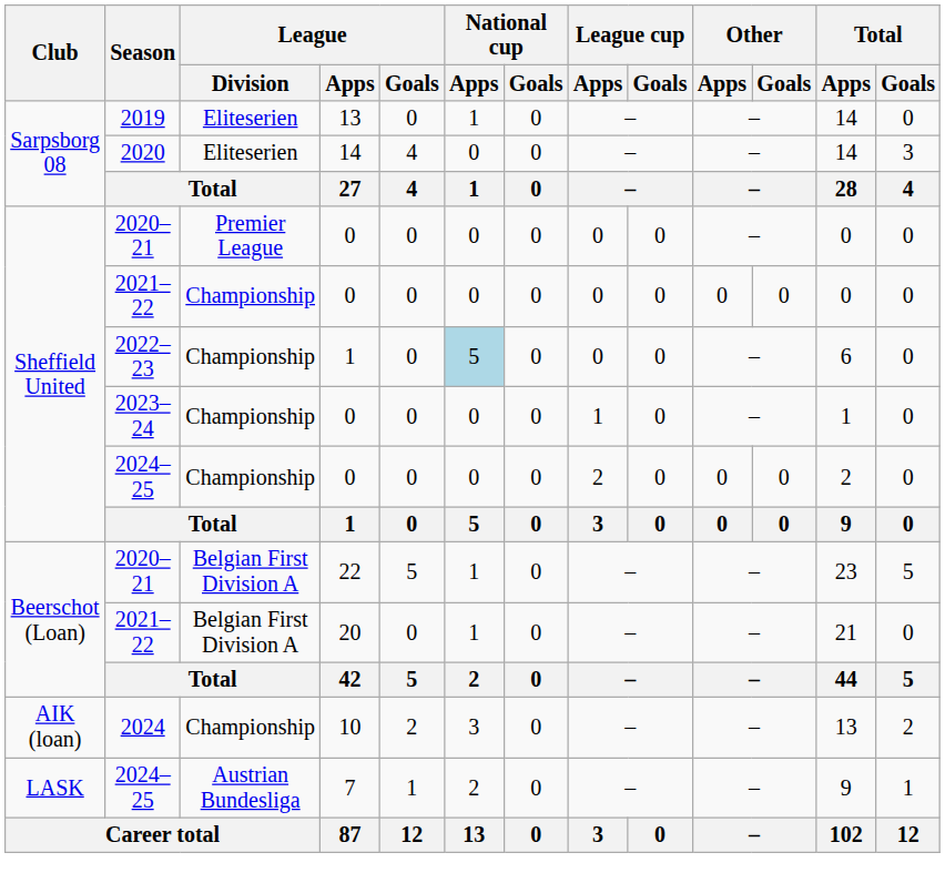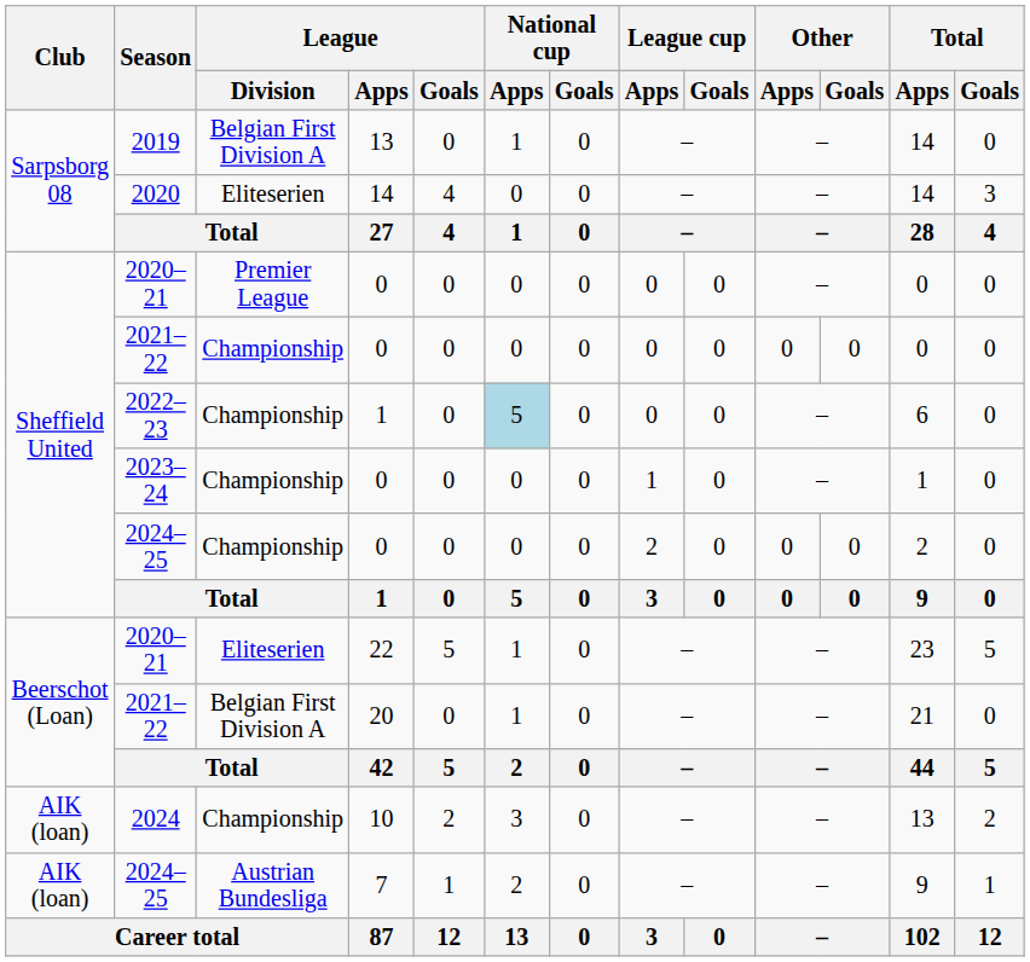 <table class="wikitable" style="text-align: center">
 <tr>
 <th rowspan="2">Club</th>
 <th rowspan="2">Season</th>
 <th colspan="3">League</th>
 <th colspan="2">National cup</th>
 <th colspan="2">League cup</th>
 <th colspan="2">Other</th>
 <th colspan="2">Total</th>
 </tr>
 <tr>
 <th>Division</th>
 <th>Apps</th>
 <th>Goals</th>
 <th>Apps</th>
 <th>Goals</th>
 <th>Apps</th>
 <th>Goals</th>
 <th>Apps</th>
 <th>Goals</th>
 <th>Apps</th>
 <th>Goals</th>
 </tr>
 <tr>
 <td rowspan="3"><a href='#'>Sarpsborg 08</a></td>
 <td><a href='#'>2019</a></td>
-<td><a href='#'>Eliteserien</a></td>
+<td><a href='#'>Belgian First Division A</a></td>
 <td>13</td>
 <td>0</td>
 <td>1</td>
 <td>0</td>
 <td colspan="2">–</td>
 <td colspan="2">–</td>
 <td>14</td>
 <td>0</td>
 </tr>
 <tr>
 <td><a href='#'>2020</a></td>
 <td>Eliteserien</td>
 <td>14</td>
 <td>4</td>
 <td>0</td>
 <td>0</td>
 <td colspan="2">–</td>
 <td colspan="2">–</td>
 <td>14</td>
 <td>3</td>
 </tr>
 <tr>
 <th colspan=2>Total</th>
 <th>27</th>
 <th>4</th>
 <th>1</th>
 <th>0</th>
 <th colspan="2">–</th>
 <th colspan="2">–</th>
 <th>28</th>
 <th>4</th>
 </tr>
 <tr>
 <td rowspan="6"><a href='#'>Sheffield United</a></td>
 <td><a href='#'>2020–21</a></td>
 <td><a href='#'>Premier League</a></td>
 <td>0</td>
 <td>0</td>
 <td>0</td>
 <td>0</td>
 <td>0</td>
 <td>0</td>
 <td colspan="2">–</td>
 <td>0</td>
 <td>0</td>
 </tr>
 <tr>
 <td><a href='#'>2021–22</a></td>
 <td><a href='#'>Championship</a></td>
 <td>0</td>
 <td>0</td>
 <td>0</td>
 <td>0</td>
 <td>0</td>
 <td>0</td>
 <td>0</td>
 <td>0</td>
 <td>0</td>
 <td>0</td>
 </tr>
 <tr>
 <td><a href='#'>2022–23</a></td>
 <td>Championship</td>
 <td>1</td>
 <td>0</td>
 <td style="background: lightblue;">5</td>
 <td>0</td>
 <td>0</td>
 <td>0</td>
 <td colspan="2">–</td>
 <td>6</td>
 <td>0</td>
 </tr>
 <tr>
 <td><a href='#'>2023–24</a></td>
 <td>Championship</td>
 <td>0</td>
 <td>0</td>
 <td>0</td>
 <td>0</td>
 <td>1</td>
 <td>0</td>
 <td colspan="2">–</td>
 <td>1</td>
 <td>0</td>
 </tr>
 <tr>
 <td><a href='#'>2024–25</a></td>
 <td>Championship</td>
 <td>0</td>
 <td>0</td>
 <td>0</td>
 <td>0</td>
 <td>2</td>
 <td>0</td>
 <td>0</td>
 <td>0</td>
 <td>2</td>
 <td>0</td>
 </tr>
 <tr>
 <th colspan="2">Total</th>
 <th>1</th>
 <th>0</th>
 <th>5</th>
 <th>0</th>
 <th>3</th>
 <th>0</th>
 <th>0</th>
 <th>0</th>
 <th>9</th>
 <th>0</th>
 </tr>
 <tr>
 <td rowspan="3"><a href='#'>Beerschot</a> (Loan)</td>
 <td><a href='#'>2020–21</a></td>
-<td><a href='#'>Belgian First Division A</a></td>
+<td><a href='#'>Eliteserien</a></td>
 <td>22</td>
 <td>5</td>
 <td>1</td>
 <td>0</td>
 <td colspan="2">–</td>
 <td colspan="2">–</td>
 <td>23</td>
 <td>5</td>
 </tr>
 <tr>
 <td><a href='#'>2021–22</a></td>
 <td>Belgian First Division A</td>
 <td>20</td>
 <td>0</td>
 <td>1</td>
 <td>0</td>
 <td colspan="2">–</td>
 <td colspan="2">–</td>
 <td>21</td>
 <td>0</td>
 </tr>
 <tr>
 <th colspan=2>Total</th>
 <th>42</th>
 <th>5</th>
 <th>2</th>
 <th>0</th>
 <th colspan="2">–</th>
 <th colspan="2">–</th>
 <th>44</th>
 <th>5</th>
 </tr>
 <tr>
 <td><a href='#'>AIK</a> (loan)</td>
 <td><a href='#'>2024</a></td>
 <td>Championship</td>
 <td>10</td>
 <td>2</td>
 <td>3</td>
 <td>0</td>
 <td colspan="2">–</td>
 <td colspan="2">–</td>
 <td>13</td>
 <td>2</td>
 </tr>
 <tr>
-<td><a href='#'>LASK</a></td>
+<td><a href='#'>AIK</a> (loan)</td>
 <td><a href='#'>2024–25</a></td>
 <td><a href='#'>Austrian Bundesliga</a></td>
 <td>7</td>
 <td>1</td>
 <td>2</td>
 <td>0</td>
 <td colspan="2">–</td>
 <td colspan="2">–</td>
 <td>9</td>
 <td>1</td>
 </tr>
 <tr>
 <th colspan=3>Career total</th>
 <th>87</th>
 <th>12</th>
 <th>13</th>
 <th>0</th>
 <th>3</th>
 <th>0</th>
 <th colspan="2">–</th>
 <th>102</th>
 <th>12</th>
 </tr>
 </table>
